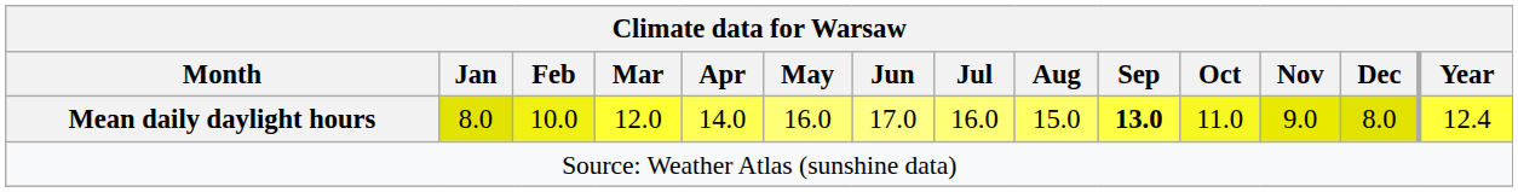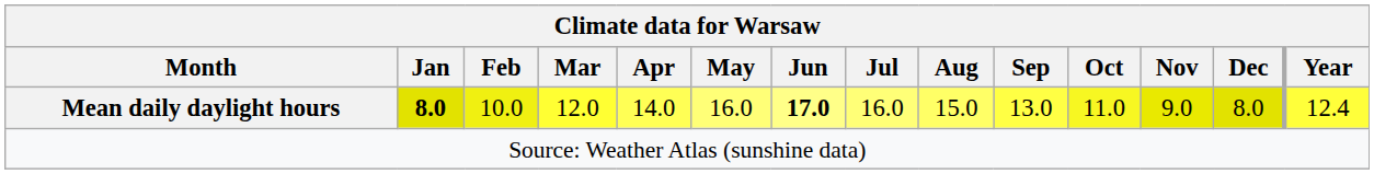 <table style="width:100%;text-align:center;line-height:1.2em;margin-left:auto;margin-right:auto" class="wikitable mw-collapsible">
 <tr>
 <th Colspan=14>Climate data for Warsaw</th>
 </tr>
 <tr>
 <th>Month</th>
 <th>Jan</th>
 <th>Feb</th>
 <th>Mar</th>
 <th>Apr</th>
 <th>May</th>
 <th>Jun</th>
 <th>Jul</th>
 <th>Aug</th>
 <th>Sep</th>
 <th>Oct</th>
 <th>Nov</th>
 <th>Dec</th>
 <th style="border-left-width:medium">Year</th>
 </tr>
 <tr>
 <th>Mean daily daylight hours</th>
-<td style = "background:#E2E200;color:#000000;">8.0</td>
+<td style = "background:#E2E200;color:#000000;"><strong>8.0</strong></td>
 <td style = "background:#F0F011;color:#000000;">10.0</td>
 <td style = "background:#FFFF33;color:#000000;">12.0</td>
 <td style = "background:#FFFF55;color:#000000;">14.0</td>
 <td style = "background:#FFFF77;color:#000000;">16.0</td>
-<td style = "background:#FFFF88;color:#000000;">17.0</td>
+<td style = "background:#FFFF88;color:#000000;"><strong>17.0</strong></td>
 <td style = "background:#FFFF77;color:#000000;">16.0</td>
 <td style = "background:#FFFF66;color:#000000;">15.0</td>
-<td style = "background:#FFFF44;color:#000000;"><strong>13.0</strong></td>
+<td style = "background:#FFFF44;color:#000000;">13.0</td>
 <td style = "background:#F7F722;color:#000000;">11.0</td>
 <td style = "background:#E9E900;color:#000000;">9.0</td>
 <td style = "background:#E2E200;color:#000000;">8.0</td>
 <td style = "background:#FFFF3A;color:#000000;border-left-width:medium">12.4</td>
 </tr>
 <tr>
 <th Colspan=14 style="background:#f8f9fa;font-weight:normal;font-size:95%;">Source: Weather Atlas (sunshine data)</th>
 </tr>
 </table>
